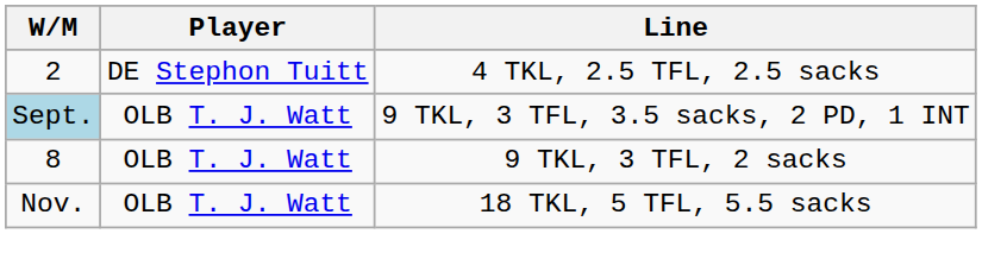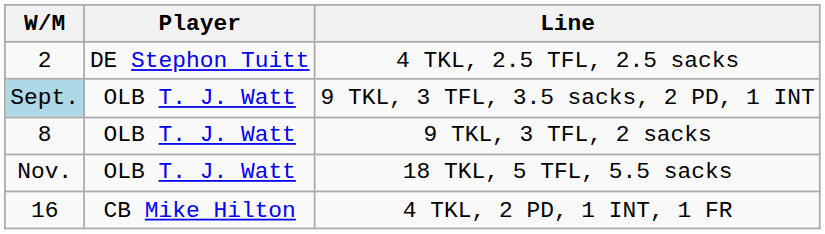 <table class="wikitable" style="text-align:center">
 <tr>
 <th>W/M</th>
 <th>Player</th>
 <th>Line</th>
 </tr>
 <tr>
 <td>2</td>
 <td>DE <a href='#'>Stephon Tuitt</a></td>
 <td>4 TKL, 2.5 TFL, 2.5 sacks</td>
 </tr>
 <tr>
 <td style="background: lightblue;">Sept.</td>
 <td>OLB <a href='#'>T. J. Watt</a></td>
 <td>9 TKL, 3 TFL, 3.5 sacks, 2 PD, 1 INT</td>
 </tr>
 <tr>
 <td>8</td>
 <td>OLB <a href='#'>T. J. Watt</a></td>
 <td>9 TKL, 3 TFL, 2 sacks</td>
 </tr>
 <tr>
 <td>Nov.</td>
 <td>OLB <a href='#'>T. J. Watt</a></td>
 <td>18 TKL, 5 TFL, 5.5 sacks</td>
 </tr>
+<tr>
+<td>16</td>
+<td>CB <a href='#'>Mike Hilton</a></td>
+<td>4 TKL, 2 PD, 1 INT, 1 FR</td>
+</tr>
 </table>
